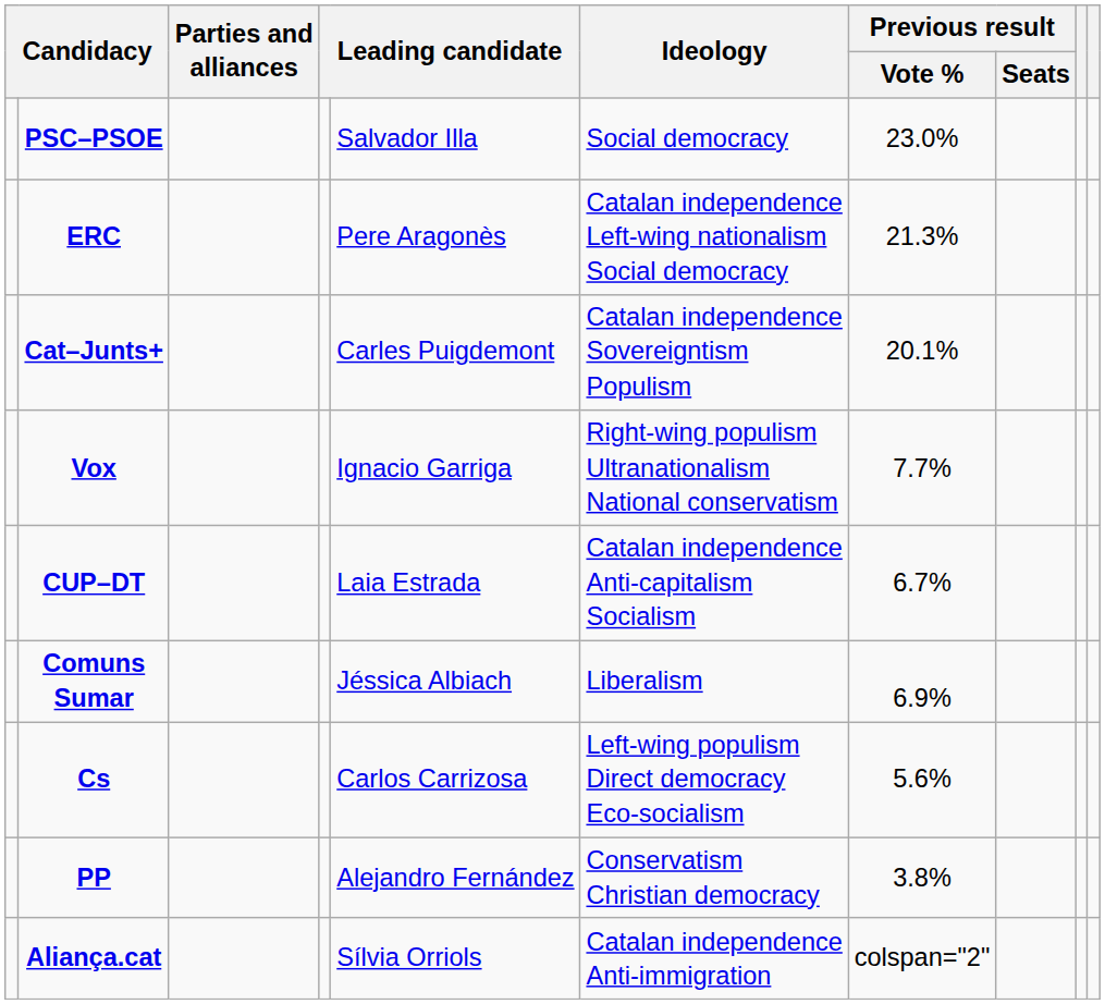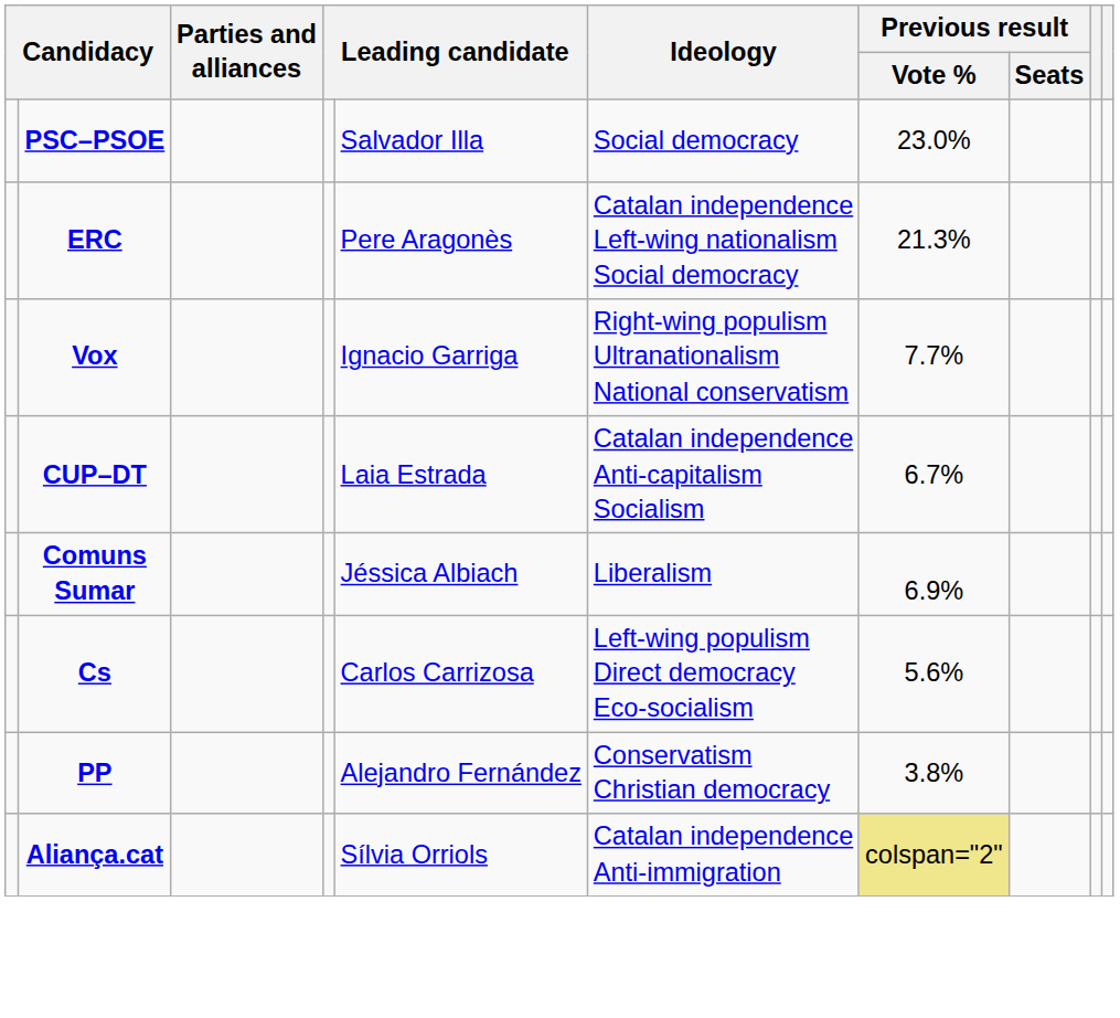 <table class="wikitable" style="line-height:1.35em; text-align:left;">
 <tr>
 <th colspan="2" rowspan="2">Candidacy</th>
 <th rowspan="2">Parties and<br>alliances</th>
 <th colspan="2" rowspan="2">Leading candidate</th>
 <th rowspan="2">Ideology</th>
 <th colspan="2">Previous result</th>
 <th rowspan="2"></th>
 <th rowspan="2"></th>
 </tr>
 <tr>
 <th>Vote %</th>
 <th>Seats</th>
 </tr>
 <tr>
 <td width="1" style="color:inherit;background:"></td>
 <td align="center"><strong><a href='#'>PSC–PSOE</a></strong></td>
 <td></td>
 <td></td>
 <td><a href='#'>Salvador Illa</a></td>
 <td><a href='#'>Social democracy</a></td>
 <td align="center">23.0%</td>
 <td></td>
 <td></td>
 <td><br><br></td>
 </tr>
 <tr>
 <td style="color:inherit;background:"></td>
 <td align="center"><strong><a href='#'>ERC</a></strong></td>
 <td></td>
 <td></td>
 <td><a href='#'>Pere Aragonès</a></td>
 <td><a href='#'>Catalan independence</a><br><a href='#'>Left-wing nationalism</a><br><a href='#'>Social democracy</a></td>
 <td align="center">21.3%</td>
 <td></td>
 <td></td>
 <td></td>
-</tr>
-<tr>
-<td style="color:inherit;background:"></td>
-<td align="center"><strong><a href='#'>Cat–Junts+</a></strong></td>
-<td></td>
-<td></td>
-<td><a href='#'>Carles Puigdemont</a></td>
-<td><a href='#'>Catalan independence</a><br><a href='#'>Sovereigntism</a><br><a href='#'>Populism</a></td>
-<td align="center">20.1%</td>
-<td></td>
-<td></td>
-<td><br><br></td>
 </tr>
 <tr>
 <td style="color:inherit;background:"></td>
 <td align="center"><strong><a href='#'>Vox</a></strong></td>
 <td></td>
 <td></td>
 <td><a href='#'>Ignacio Garriga</a></td>
 <td><a href='#'>Right-wing populism</a><br><a href='#'>Ultranationalism</a><br><a href='#'>National conservatism</a></td>
 <td align="center">7.7%</td>
 <td></td>
 <td></td>
 <td></td>
 </tr>
 <tr>
 <td style="color:inherit;background:"></td>
 <td align="center"><strong><a href='#'>CUP–DT</a></strong></td>
 <td></td>
 <td></td>
 <td><a href='#'>Laia Estrada</a></td>
 <td><a href='#'>Catalan independence</a><br><a href='#'>Anti-capitalism</a><br><a href='#'>Socialism</a></td>
 <td align="center">6.7%</td>
 <td></td>
 <td></td>
 <td></td>
 </tr>
 <tr>
 <td style="color:inherit;background:"></td>
 <td align="center"><strong><a href='#'>Comuns<br>Sumar</a></strong></td>
 <td></td>
 <td></td>
 <td><a href='#'>Jéssica Albiach</a></td>
 <td><a href='#'>Liberalism</a></td>
 <td align="center"><br>6.9%<br></td>
 <td></td>
 <td></td>
 <td><br><br></td>
 </tr>
 <tr>
 <td style="color:inherit;background:"></td>
 <td align="center"><strong><a href='#'>Cs</a></strong></td>
 <td></td>
 <td></td>
 <td><a href='#'>Carlos Carrizosa</a></td>
 <td><a href='#'>Left-wing populism</a><br><a href='#'>Direct democracy</a><br><a href='#'>Eco-socialism</a></td>
 <td align="center">5.6%</td>
 <td></td>
 <td></td>
 <td></td>
 </tr>
 <tr>
 <td style="color:inherit;background:"></td>
 <td align="center"><strong><a href='#'>PP</a></strong></td>
 <td></td>
 <td></td>
 <td><a href='#'>Alejandro Fernández</a></td>
 <td><a href='#'>Conservatism</a><br><a href='#'>Christian democracy</a></td>
 <td align="center">3.8%</td>
 <td></td>
 <td></td>
 <td></td>
 </tr>
 <tr>
 <td style="color:inherit;background:"></td>
 <td align="center"><strong><a href='#'>Aliança.cat</a></strong></td>
 <td></td>
 <td></td>
 <td><a href='#'>Sílvia Orriols</a></td>
 <td><a href='#'>Catalan independence</a><br><a href='#'>Anti-immigration</a></td>
-<td>colspan="2" </td>
+<td style="background: khaki;">colspan="2" </td>
 <td></td>
 <td></td>
 </tr>
 </table>
